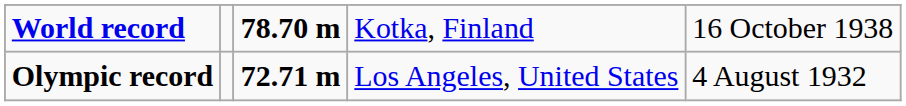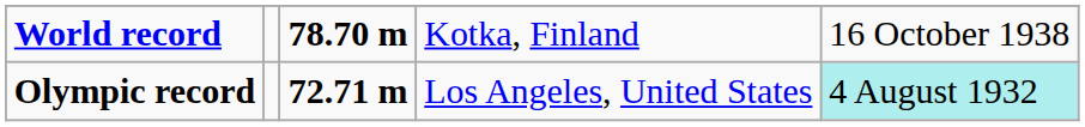 <table class="wikitable">
 <tr>
 <td><strong><a href='#'>World record</a></strong></td>
 <td></td>
 <td><strong>78.70 m</strong></td>
 <td><a href='#'>Kotka</a>, <a href='#'>Finland</a></td>
 <td>16 October 1938</td>
 </tr>
 <tr>
 <td><strong>Olympic record</strong></td>
 <td></td>
 <td><strong>72.71 m</strong></td>
 <td><a href='#'>Los Angeles</a>, <a href='#'>United States</a></td>
-<td>4 August 1932</td>
+<td style="background: paleturquoise;">4 August 1932</td>
 </tr>
 </table>
